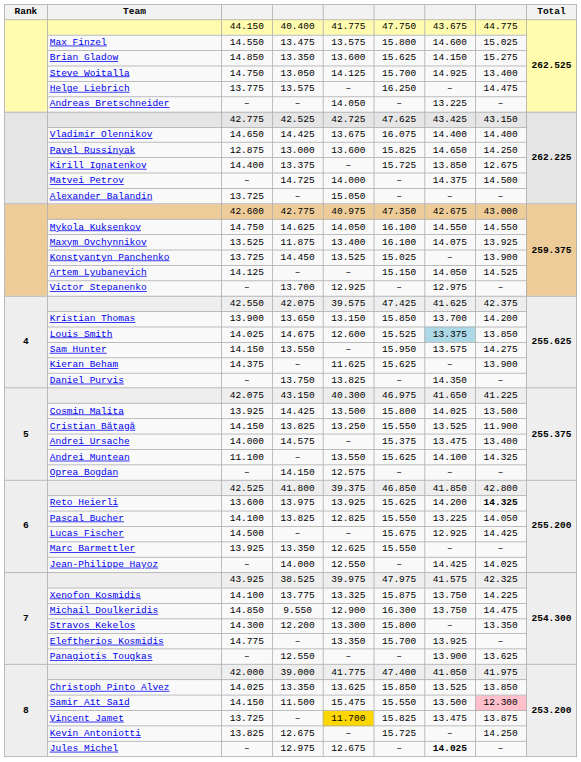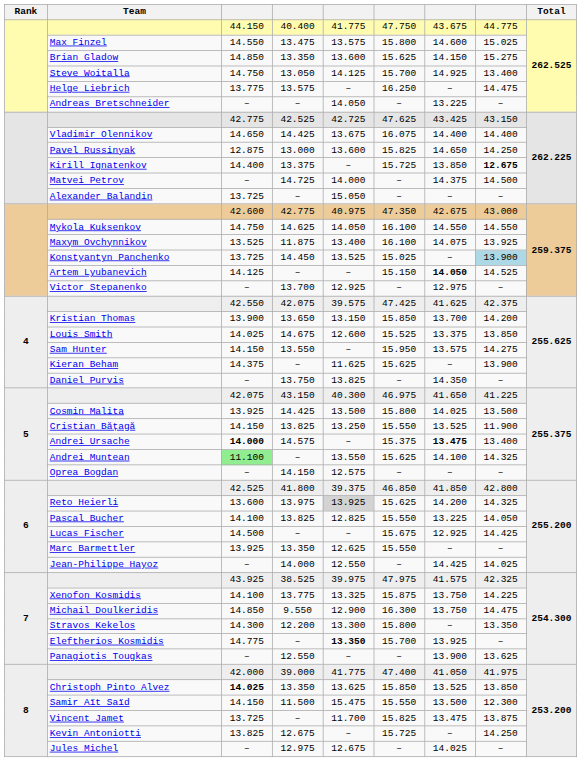 <table class="wikitable" style="text-align:center; font-size:95%">
 <tr>
 <th style="width:50px;">Rank</th>
 <th style="width:220px;">Team</th>
 <th style="width:60px;"></th>
 <th style="width:60px;"></th>
 <th style="width:60px;"></th>
 <th style="width:60px;"></th>
 <th style="width:60px;"></th>
 <th style="width:60px;"></th>
 <th style="width:60px;">Total</th>
 </tr>
 <tr style="background:#fffcaf;">
 <td rowspan=6></td>
 <td style="text-align:left;"><strong></strong></td>
 <td>44.150</td>
 <td>40.400</td>
 <td>41.775</td>
 <td>47.750</td>
 <td>43.675</td>
 <td>44.775</td>
 <td rowspan=6><strong>262.525</strong></td>
 </tr>
 <tr>
 <td style="text-align:left;"><a href='#'>Max Finzel</a></td>
 <td>14.550</td>
 <td>13.475</td>
 <td>13.575</td>
 <td>15.800</td>
 <td>14.600</td>
 <td>15.025</td>
 </tr>
 <tr>
 <td style="text-align:left;"><a href='#'>Brian Gladow</a></td>
 <td>14.850</td>
 <td>13.350</td>
 <td>13.600</td>
 <td>15.625</td>
 <td>14.150</td>
 <td>15.275</td>
 </tr>
 <tr>
 <td style="text-align:left;"><a href='#'>Steve Woitalla</a></td>
 <td>14.750</td>
 <td>13.050</td>
 <td>14.125</td>
 <td>15.700</td>
 <td>14.925</td>
 <td>13.400</td>
 </tr>
 <tr>
 <td style="text-align:left;"><a href='#'>Helge Liebrich</a></td>
 <td>13.775</td>
 <td>13.575</td>
 <td>–</td>
 <td>16.250</td>
 <td>–</td>
 <td>14.475</td>
 </tr>
 <tr>
 <td style="text-align:left;"><a href='#'>Andreas Bretschneider</a></td>
 <td>–</td>
 <td>–</td>
 <td>14.050</td>
 <td>–</td>
 <td>13.225</td>
 <td>–</td>
 </tr>
 <tr style="background:#e5e5e5;">
 <td rowspan=6></td>
 <td style="text-align:left;"><strong></strong></td>
 <td>42.775</td>
 <td>42.525</td>
 <td>42.725</td>
 <td>47.625</td>
 <td>43.425</td>
 <td>43.150</td>
 <td rowspan=6><strong>262.225</strong></td>
 </tr>
 <tr>
 <td style="text-align:left;"><a href='#'>Vladimir Olennikov</a></td>
 <td>14.650</td>
 <td>14.425</td>
 <td>13.675</td>
 <td>16.075</td>
 <td>14.400</td>
 <td>14.400</td>
 </tr>
 <tr>
 <td style="text-align:left;"><a href='#'>Pavel Russinyak</a></td>
 <td>12.875</td>
 <td>13.000</td>
 <td>13.600</td>
 <td>15.825</td>
 <td>14.650</td>
 <td>14.250</td>
 </tr>
 <tr>
 <td style="text-align:left;"><a href='#'>Kirill Ignatenkov</a></td>
 <td>14.400</td>
 <td>13.375</td>
 <td>–</td>
 <td>15.725</td>
 <td>13.850</td>
-<td>12.675</td>
+<td><strong>12.675</strong></td>
 </tr>
 <tr>
 <td style="text-align:left;"><a href='#'>Matvei Petrov</a></td>
 <td>–</td>
 <td>14.725</td>
 <td>14.000</td>
 <td>–</td>
 <td>14.375</td>
 <td>14.500</td>
 </tr>
 <tr>
 <td style="text-align:left;"><a href='#'>Alexander Balandin</a></td>
 <td>13.725</td>
 <td>–</td>
 <td>15.050</td>
 <td>–</td>
 <td>–</td>
 <td>–</td>
 </tr>
 <tr style="background:#ec9;">
 <td rowspan=6></td>
 <td style="text-align:left;"><strong></strong></td>
 <td>42.600</td>
 <td>42.775</td>
 <td>40.975</td>
 <td>47.350</td>
 <td>42.675</td>
 <td>43.000</td>
 <td rowspan=6><strong>259.375</strong></td>
 </tr>
 <tr>
 <td style="text-align:left;"><a href='#'>Mykola Kuksenkov</a></td>
 <td>14.750</td>
 <td>14.625</td>
 <td>14.050</td>
 <td>16.100</td>
 <td>14.550</td>
 <td>14.550</td>
 </tr>
 <tr>
 <td style="text-align:left;"><a href='#'>Maxym Ovchynnikov</a></td>
 <td>13.525</td>
 <td>11.875</td>
 <td>13.400</td>
 <td>16.100</td>
 <td>14.075</td>
 <td>13.925</td>
 </tr>
 <tr>
 <td style="text-align:left;"><a href='#'>Konstyantyn Panchenko</a></td>
 <td>13.725</td>
 <td>14.450</td>
 <td>13.525</td>
 <td>15.025</td>
 <td>–</td>
-<td>13.900</td>
+<td style="background: lightblue;">13.900</td>
 </tr>
 <tr>
 <td style="text-align:left;"><a href='#'>Artem Lyubanevich</a></td>
 <td>14.125</td>
 <td>–</td>
 <td>–</td>
 <td>15.150</td>
-<td>14.050</td>
+<td><strong>14.050</strong></td>
 <td>14.525</td>
 </tr>
 <tr>
 <td style="text-align:left;"><a href='#'>Victor Stepanenko</a></td>
 <td>–</td>
 <td>13.700</td>
 <td>12.925</td>
 <td>–</td>
 <td>12.975</td>
 <td>–</td>
 </tr>
 <tr style="background:#eee;">
 <td rowspan=6><strong>4</strong></td>
 <td style="text-align:left;"><strong></strong></td>
 <td>42.550</td>
 <td>42.075</td>
 <td>39.575</td>
 <td>47.425</td>
 <td>41.625</td>
 <td>42.375</td>
 <td rowspan=6><strong>255.625</strong></td>
 </tr>
 <tr>
 <td style="text-align:left;"><a href='#'>Kristian Thomas</a></td>
 <td>13.900</td>
 <td>13.650</td>
 <td>13.150</td>
 <td>15.850</td>
 <td>13.700</td>
 <td>14.200</td>
 </tr>
 <tr>
 <td style="text-align:left;"><a href='#'>Louis Smith</a></td>
 <td>14.025</td>
 <td>14.675</td>
 <td>12.600</td>
 <td>15.525</td>
-<td style="background: lightblue;">13.375</td>
+<td>13.375</td>
 <td>13.850</td>
 </tr>
 <tr>
 <td style="text-align:left;"><a href='#'>Sam Hunter</a></td>
 <td>14.150</td>
 <td>13.550</td>
 <td>–</td>
 <td>15.950</td>
 <td>13.575</td>
 <td>14.275</td>
 </tr>
 <tr>
 <td style="text-align:left;"><a href='#'>Kieran Beham</a></td>
 <td>14.375</td>
 <td>–</td>
 <td>11.625</td>
 <td>15.625</td>
 <td>–</td>
 <td>13.900</td>
 </tr>
 <tr>
 <td style="text-align:left;"><a href='#'>Daniel Purvis</a></td>
 <td>–</td>
 <td>13.750</td>
 <td>13.825</td>
 <td>–</td>
 <td>14.350</td>
 <td>–</td>
 </tr>
 <tr style="background:#eee;">
 <td rowspan=6><strong>5</strong></td>
 <td style="text-align:left;"><strong></strong></td>
 <td>42.075</td>
 <td>43.150</td>
 <td>40.300</td>
 <td>46.975</td>
 <td>41.650</td>
 <td>41.225</td>
 <td rowspan=6><strong>255.375</strong></td>
 </tr>
 <tr>
 <td style="text-align:left;"><a href='#'>Cosmin Malita</a></td>
 <td>13.925</td>
 <td>14.425</td>
 <td>13.500</td>
 <td>15.800</td>
 <td>14.025</td>
 <td>13.500</td>
 </tr>
 <tr>
 <td style="text-align:left;"><a href='#'>Cristian Bățagă</a></td>
 <td>14.150</td>
 <td>13.825</td>
 <td>13.250</td>
 <td>15.550</td>
 <td>13.525</td>
 <td>11.900</td>
 </tr>
 <tr>
 <td style="text-align:left;"><a href='#'>Andrei Ursache</a></td>
-<td>14.000</td>
+<td><strong>14.000</strong></td>
 <td>14.575</td>
 <td>–</td>
 <td>15.375</td>
-<td>13.475</td>
+<td><strong>13.475</strong></td>
 <td>13.400</td>
 </tr>
 <tr>
 <td style="text-align:left;"><a href='#'>Andrei Muntean</a></td>
-<td>11.100</td>
+<td style="background: lightgreen;">11.100</td>
 <td>–</td>
 <td>13.550</td>
 <td>15.625</td>
 <td>14.100</td>
 <td>14.325</td>
 </tr>
 <tr>
 <td style="text-align:left;"><a href='#'>Oprea Bogdan</a></td>
 <td>–</td>
 <td>14.150</td>
 <td>12.575</td>
 <td>–</td>
 <td>–</td>
 <td>–</td>
 </tr>
 <tr style="background:#eee;">
 <td rowspan=6><strong>6</strong></td>
 <td style="text-align:left;"><strong></strong></td>
 <td>42.525</td>
 <td>41.800</td>
 <td>39.375</td>
 <td>46.850</td>
 <td>41.850</td>
 <td>42.800</td>
 <td rowspan=6><strong>255.200</strong></td>
 </tr>
 <tr>
 <td style="text-align:left;"><a href='#'>Reto Heierli</a></td>
 <td>13.600</td>
 <td>13.975</td>
-<td>13.925</td>
+<td style="background: lightgrey;">13.925</td>
 <td>15.625</td>
 <td>14.200</td>
-<td><strong>14.325</strong></td>
+<td>14.325</td>
 </tr>
 <tr>
 <td style="text-align:left;"><a href='#'>Pascal Bucher</a></td>
 <td>14.100</td>
 <td>13.825</td>
 <td>12.825</td>
 <td>15.550</td>
 <td>13.225</td>
 <td>14.050</td>
 </tr>
 <tr>
 <td style="text-align:left;"><a href='#'>Lucas Fischer</a></td>
 <td>14.500</td>
 <td>–</td>
 <td>–</td>
 <td>15.675</td>
 <td>12.925</td>
 <td>14.425</td>
 </tr>
 <tr>
 <td style="text-align:left;"><a href='#'>Marc Barmettler</a></td>
 <td>13.925</td>
 <td>13.350</td>
 <td>12.625</td>
 <td>15.550</td>
 <td>–</td>
 <td>–</td>
 </tr>
 <tr>
 <td style="text-align:left;"><a href='#'>Jean-Philippe Hayoz</a></td>
 <td>–</td>
 <td>14.000</td>
 <td>12.550</td>
 <td>–</td>
 <td>14.425</td>
 <td>14.025</td>
 </tr>
 <tr style="background:#eee;">
 <td rowspan=6><strong>7</strong></td>
 <td style="text-align:left;"><strong></strong></td>
 <td>43.925</td>
 <td>38.525</td>
 <td>39.975</td>
 <td>47.975</td>
 <td>41.575</td>
 <td>42.325</td>
 <td rowspan=6><strong>254.300</strong></td>
 </tr>
 <tr>
 <td style="text-align:left;"><a href='#'>Xenofon Kosmidis</a></td>
 <td>14.100</td>
 <td>13.775</td>
 <td>13.325</td>
 <td>15.875</td>
 <td>13.750</td>
 <td>14.225</td>
 </tr>
 <tr>
 <td style="text-align:left;"><a href='#'>Michail Doulkeridis</a></td>
 <td>14.850</td>
 <td>9.550</td>
 <td>12.900</td>
 <td>16.300</td>
 <td>13.750</td>
 <td>14.475</td>
 </tr>
 <tr>
 <td style="text-align:left;"><a href='#'>Stravos Kekelos</a></td>
 <td>14.300</td>
 <td>12.200</td>
 <td>13.300</td>
 <td>15.800</td>
 <td>–</td>
 <td>13.350</td>
 </tr>
 <tr>
 <td style="text-align:left;"><a href='#'>Eleftherios Kosmidis</a></td>
 <td>14.775</td>
 <td>–</td>
-<td>13.350</td>
+<td><strong>13.350</strong></td>
 <td>15.700</td>
 <td>13.925</td>
 <td>–</td>
 </tr>
 <tr>
 <td style="text-align:left;"><a href='#'>Panagiotis Tougkas</a></td>
 <td>–</td>
 <td>12.550</td>
 <td>–</td>
 <td>–</td>
 <td>13.900</td>
 <td>13.625</td>
 </tr>
 <tr style="background:#eee;">
 <td rowspan=6><strong>8</strong></td>
 <td style="text-align:left;"><strong></strong></td>
 <td>42.000</td>
 <td>39.000</td>
 <td>41.775</td>
 <td>47.400</td>
 <td>41.050</td>
 <td>41.975</td>
 <td rowspan=6><strong>253.200</strong></td>
 </tr>
 <tr>
 <td style="text-align:left;"><a href='#'>Christoph Pinto Alvez</a></td>
-<td>14.025</td>
+<td><strong>14.025</strong></td>
 <td>13.350</td>
 <td>13.625</td>
 <td>15.850</td>
 <td>13.525</td>
 <td>13.850</td>
 </tr>
 <tr>
 <td style="text-align:left;"><a href='#'>Samir Aït Saïd</a></td>
 <td>14.150</td>
 <td>11.500</td>
 <td>15.475</td>
 <td>15.550</td>
 <td>13.500</td>
-<td style="background: pink;">12.300</td>
+<td>12.300</td>
 </tr>
 <tr>
 <td style="text-align:left;"><a href='#'>Vincent Jamet</a></td>
 <td>13.725</td>
 <td>–</td>
-<td style="background: gold;">11.700</td>
+<td>11.700</td>
 <td>15.825</td>
 <td>13.475</td>
 <td>13.875</td>
 </tr>
 <tr>
 <td style="text-align:left;"><a href='#'>Kevin Antoniotti</a></td>
 <td>13.825</td>
 <td>12.675</td>
 <td>–</td>
 <td>15.725</td>
 <td>–</td>
 <td>14.250</td>
 </tr>
 <tr>
 <td style="text-align:left;"><a href='#'>Jules Michel</a></td>
 <td>–</td>
 <td>12.975</td>
 <td>12.675</td>
 <td>–</td>
-<td><strong>14.025</strong></td>
+<td>14.025</td>
 <td>–</td>
 </tr>
 </table>
